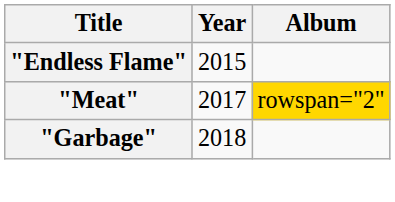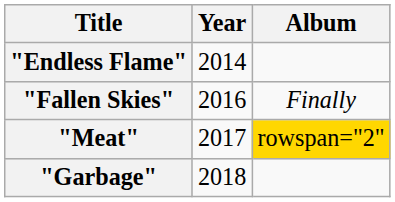 <table class="wikitable plainrowheaders" style="text-align:center;">
 <tr>
 <th scope="col">Title</th>
 <th scope="col">Year</th>
 <th scope="col">Album</th>
 </tr>
 <tr>
 <th scope="row">"Endless Flame"<br></th>
-<td>2015</td>
+<td>2014</td>
 <td></td>
+</tr>
+<tr>
+<th scope="row">"Fallen Skies"<br></th>
+<td>2016</td>
+<td><em>Finally</em></td>
 </tr>
 <tr>
 <th scope="row">"Meat"<br></th>
 <td>2017</td>
 <td style="background: gold;">rowspan="2" </td>
 </tr>
 <tr>
 <th scope="row">"Garbage"<br></th>
 <td>2018</td>
 </tr>
 </table>
